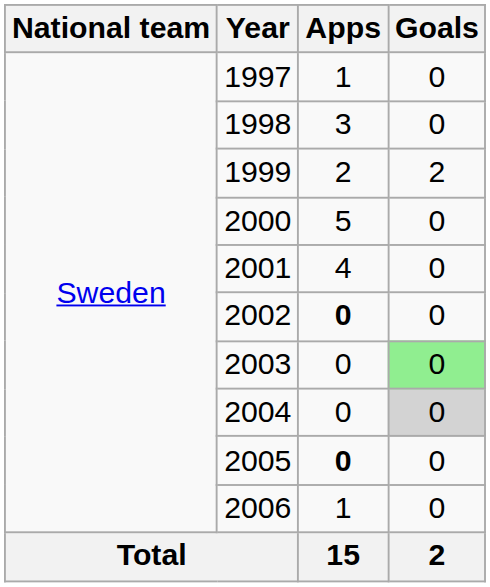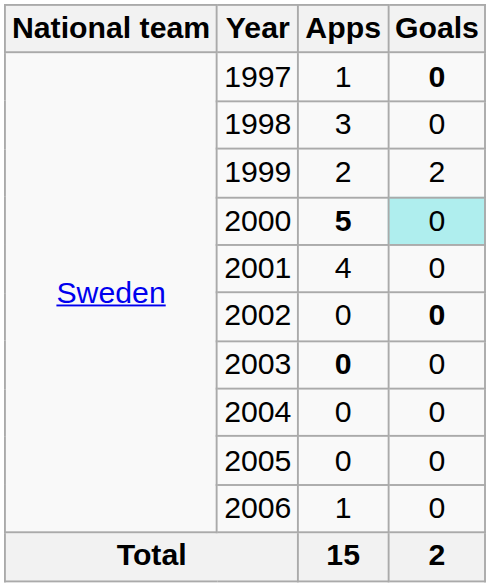 <table class="wikitable" style="text-align:center">
 <tr>
 <th>National team</th>
 <th>Year</th>
 <th>Apps</th>
 <th>Goals</th>
 </tr>
 <tr>
 <td rowspan="10"><a href='#'>Sweden</a></td>
 <td>1997</td>
 <td>1</td>
-<td>0</td>
+<td><strong>0</strong></td>
 </tr>
 <tr>
 <td>1998</td>
 <td>3</td>
 <td>0</td>
 </tr>
 <tr>
 <td>1999</td>
 <td>2</td>
 <td>2</td>
 </tr>
 <tr>
 <td>2000</td>
-<td>5</td>
-<td>0</td>
+<td><strong>5</strong></td>
+<td style="background: paleturquoise;">0</td>
 </tr>
 <tr>
 <td>2001</td>
 <td>4</td>
 <td>0</td>
 </tr>
 <tr>
 <td>2002</td>
+<td>0</td>
+<td><strong>0</strong></td>
+</tr>
+<tr>
+<td>2003</td>
 <td><strong>0</strong></td>
 <td>0</td>
 </tr>
 <tr>
-<td>2003</td>
-<td>0</td>
-<td style="background: lightgreen;">0</td>
-</tr>
-<tr>
 <td>2004</td>
 <td>0</td>
-<td style="background: lightgrey;">0</td>
+<td>0</td>
 </tr>
 <tr>
 <td>2005</td>
-<td><strong>0</strong></td>
+<td>0</td>
 <td>0</td>
 </tr>
 <tr>
 <td>2006</td>
 <td>1</td>
 <td>0</td>
 </tr>
 <tr>
 <th colspan="2">Total</th>
 <th>15</th>
 <th>2</th>
 </tr>
 </table>
